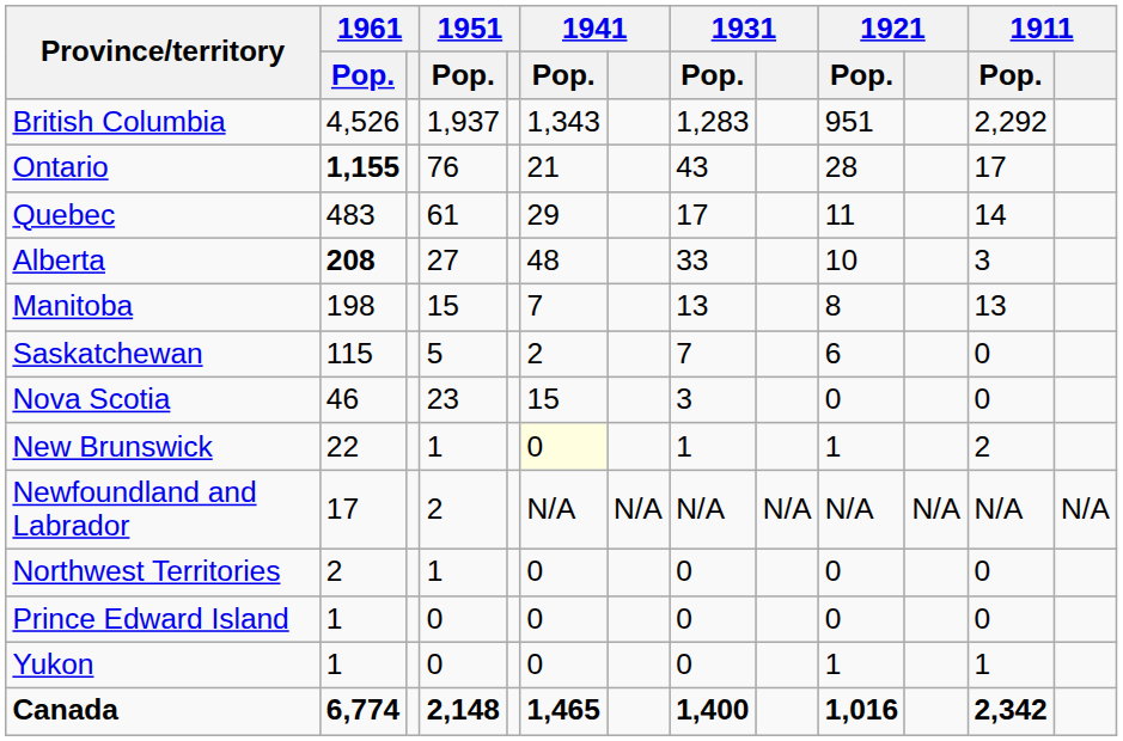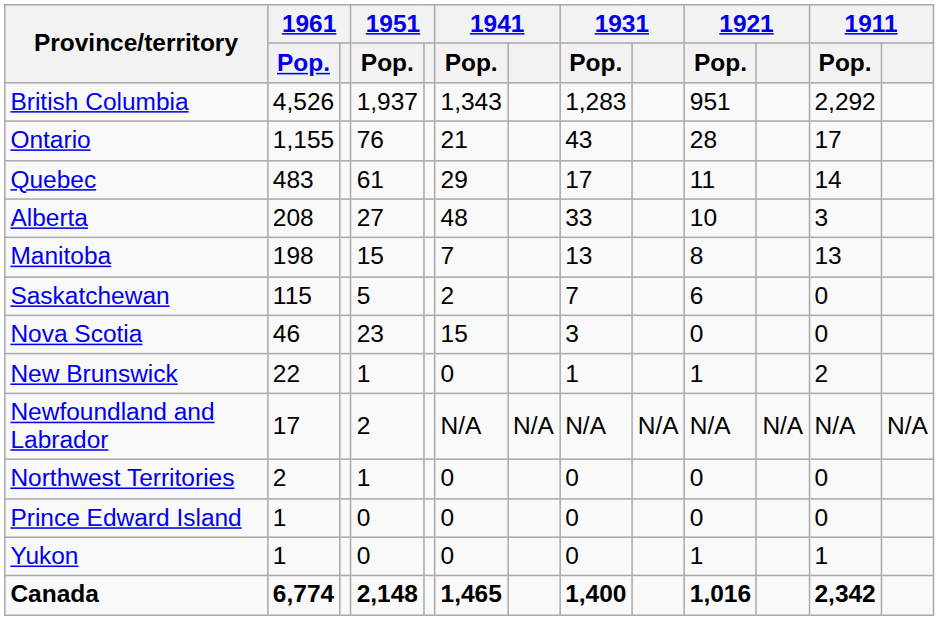 <table class="wikitable collapsible collapsed sortable">
 <tr>
 <th rowspan="2">Province/territory</th>
 <th colspan="2"><a href='#'>1961</a></th>
 <th colspan="2"><a href='#'>1951</a></th>
 <th colspan="2"><a href='#'>1941</a></th>
 <th colspan="2"><a href='#'>1931</a></th>
 <th colspan="2"><a href='#'>1921</a></th>
 <th colspan="2"><a href='#'>1911</a></th>
 </tr>
 <tr>
 <th><a href='#'>Pop.</a></th>
 <th></th>
 <th>Pop.</th>
 <th></th>
 <th>Pop.</th>
 <th></th>
 <th>Pop.</th>
 <th></th>
 <th>Pop.</th>
 <th></th>
 <th>Pop.</th>
 <th></th>
 </tr>
 <tr>
 <td><a href='#'>British Columbia</a></td>
 <td>4,526</td>
 <td></td>
 <td>1,937</td>
 <td></td>
 <td>1,343</td>
 <td></td>
 <td>1,283</td>
 <td></td>
 <td>951</td>
 <td></td>
 <td>2,292</td>
 <td></td>
 </tr>
 <tr>
 <td><a href='#'>Ontario</a></td>
-<td><strong>1,155</strong></td>
+<td>1,155</td>
 <td></td>
 <td>76</td>
 <td></td>
 <td>21</td>
 <td></td>
 <td>43</td>
 <td></td>
 <td>28</td>
 <td></td>
 <td>17</td>
 <td></td>
 </tr>
 <tr>
 <td><a href='#'>Quebec</a></td>
 <td>483</td>
 <td></td>
 <td>61</td>
 <td></td>
 <td>29</td>
 <td></td>
 <td>17</td>
 <td></td>
 <td>11</td>
 <td></td>
 <td>14</td>
 <td></td>
 </tr>
 <tr>
 <td><a href='#'>Alberta</a></td>
-<td><strong>208</strong></td>
+<td>208</td>
 <td></td>
 <td>27</td>
 <td></td>
 <td>48</td>
 <td></td>
 <td>33</td>
 <td></td>
 <td>10</td>
 <td></td>
 <td>3</td>
 <td></td>
 </tr>
 <tr>
 <td><a href='#'>Manitoba</a></td>
 <td>198</td>
 <td></td>
 <td>15</td>
 <td></td>
 <td>7</td>
 <td></td>
 <td>13</td>
 <td></td>
 <td>8</td>
 <td></td>
 <td>13</td>
 <td></td>
 </tr>
 <tr>
 <td><a href='#'>Saskatchewan</a></td>
 <td>115</td>
 <td></td>
 <td>5</td>
 <td></td>
 <td>2</td>
 <td></td>
 <td>7</td>
 <td></td>
 <td>6</td>
 <td></td>
 <td>0</td>
 <td></td>
 </tr>
 <tr>
 <td><a href='#'>Nova Scotia</a></td>
 <td>46</td>
 <td></td>
 <td>23</td>
 <td></td>
 <td>15</td>
 <td></td>
 <td>3</td>
 <td></td>
 <td>0</td>
 <td></td>
 <td>0</td>
 <td></td>
 </tr>
 <tr>
 <td><a href='#'>New Brunswick</a></td>
 <td>22</td>
 <td></td>
 <td>1</td>
 <td></td>
-<td style="background: lightyellow;">0</td>
+<td>0</td>
 <td></td>
 <td>1</td>
 <td></td>
 <td>1</td>
 <td></td>
 <td>2</td>
 <td></td>
 </tr>
 <tr>
 <td><a href='#'>Newfoundland and Labrador</a></td>
 <td>17</td>
 <td></td>
 <td>2</td>
 <td></td>
 <td>N/A</td>
 <td>N/A</td>
 <td>N/A</td>
 <td>N/A</td>
 <td>N/A</td>
 <td>N/A</td>
 <td>N/A</td>
 <td>N/A</td>
 </tr>
 <tr>
 <td><a href='#'>Northwest Territories</a></td>
 <td>2</td>
 <td></td>
 <td>1</td>
 <td></td>
 <td>0</td>
 <td></td>
 <td>0</td>
 <td></td>
 <td>0</td>
 <td></td>
 <td>0</td>
 <td></td>
 </tr>
 <tr>
 <td><a href='#'>Prince Edward Island</a></td>
 <td>1</td>
 <td></td>
 <td>0</td>
 <td></td>
 <td>0</td>
 <td></td>
 <td>0</td>
 <td></td>
 <td>0</td>
 <td></td>
 <td>0</td>
 <td></td>
 </tr>
 <tr>
 <td><a href='#'>Yukon</a></td>
 <td>1</td>
 <td></td>
 <td>0</td>
 <td></td>
 <td>0</td>
 <td></td>
 <td>0</td>
 <td></td>
 <td>1</td>
 <td></td>
 <td>1</td>
 <td></td>
 </tr>
 <tr>
 <td><strong>Canada</strong></td>
 <td><strong>6,774</strong></td>
 <td><strong></strong></td>
 <td><strong>2,148</strong></td>
 <td><strong></strong></td>
 <td><strong>1,465</strong></td>
 <td><strong></strong></td>
 <td><strong>1,400</strong></td>
 <td><strong></strong></td>
 <td><strong>1,016</strong></td>
 <td><strong></strong></td>
 <td><strong>2,342</strong></td>
 <td><strong></strong></td>
 </tr>
 </table>
